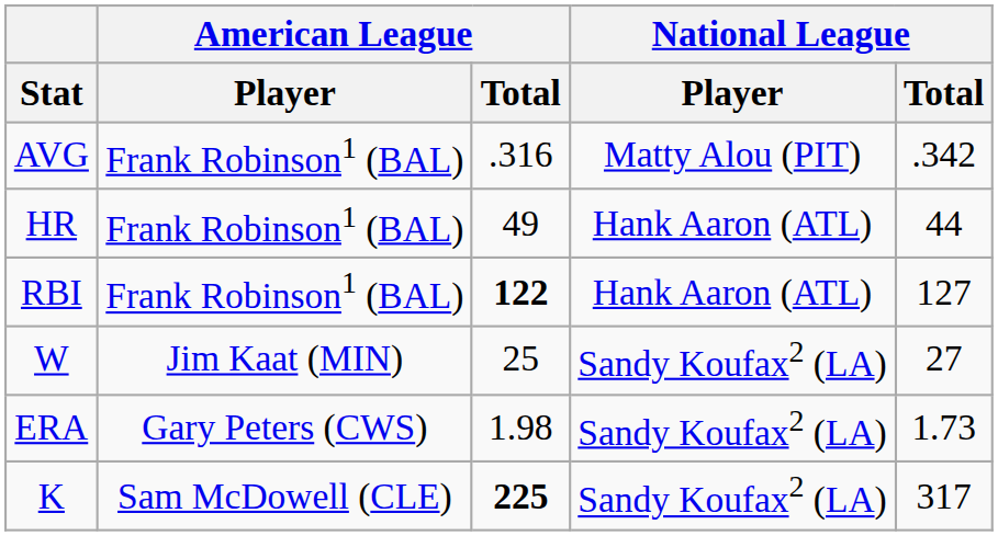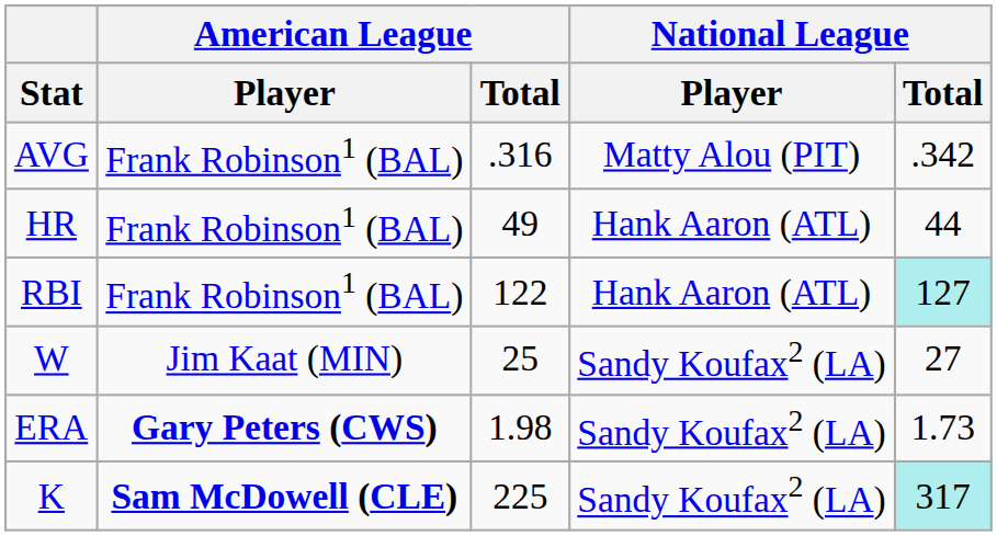 <table class="wikitable" style="text-align:center;">
 <tr>
 <th></th>
 <th colspan="2"><a href='#'>American League</a></th>
 <th colspan="2"><a href='#'>National League</a></th>
 </tr>
 <tr>
 <th>Stat</th>
 <th>Player</th>
 <th>Total</th>
 <th>Player</th>
 <th>Total</th>
 </tr>
 <tr>
 <td><a href='#'>AVG</a></td>
 <td><a href='#'>Frank Robinson</a><sup>1</sup> (<a href='#'>BAL</a>)</td>
 <td>.316</td>
 <td><a href='#'>Matty Alou</a> (<a href='#'>PIT</a>)</td>
 <td>.342</td>
 </tr>
 <tr>
 <td><a href='#'>HR</a></td>
 <td><a href='#'>Frank Robinson</a><sup>1</sup> (<a href='#'>BAL</a>)</td>
 <td>49</td>
 <td><a href='#'>Hank Aaron</a> (<a href='#'>ATL</a>)</td>
 <td>44</td>
 </tr>
 <tr>
 <td><a href='#'>RBI</a></td>
 <td><a href='#'>Frank Robinson</a><sup>1</sup> (<a href='#'>BAL</a>)</td>
-<td><strong>122</strong></td>
+<td>122</td>
 <td><a href='#'>Hank Aaron</a> (<a href='#'>ATL</a>)</td>
-<td>127</td>
+<td style="background: paleturquoise;">127</td>
 </tr>
 <tr>
 <td><a href='#'>W</a></td>
 <td><a href='#'>Jim Kaat</a> (<a href='#'>MIN</a>)</td>
 <td>25</td>
 <td><a href='#'>Sandy Koufax</a><sup>2</sup> (<a href='#'>LA</a>)</td>
 <td>27</td>
 </tr>
 <tr>
 <td><a href='#'>ERA</a></td>
-<td><a href='#'>Gary Peters</a> (<a href='#'>CWS</a>)</td>
+<td><strong><a href='#'>Gary Peters</a> (<a href='#'>CWS</a>)</strong></td>
 <td>1.98</td>
 <td><a href='#'>Sandy Koufax</a><sup>2</sup> (<a href='#'>LA</a>)</td>
 <td>1.73</td>
 </tr>
 <tr>
 <td><a href='#'>K</a></td>
-<td><a href='#'>Sam McDowell</a> (<a href='#'>CLE</a>)</td>
-<td><strong>225</strong></td>
+<td><strong><a href='#'>Sam McDowell</a> (<a href='#'>CLE</a>)</strong></td>
+<td>225</td>
 <td><a href='#'>Sandy Koufax</a><sup>2</sup> (<a href='#'>LA</a>)</td>
-<td>317</td>
+<td style="background: paleturquoise;">317</td>
 </tr>
 </table>
